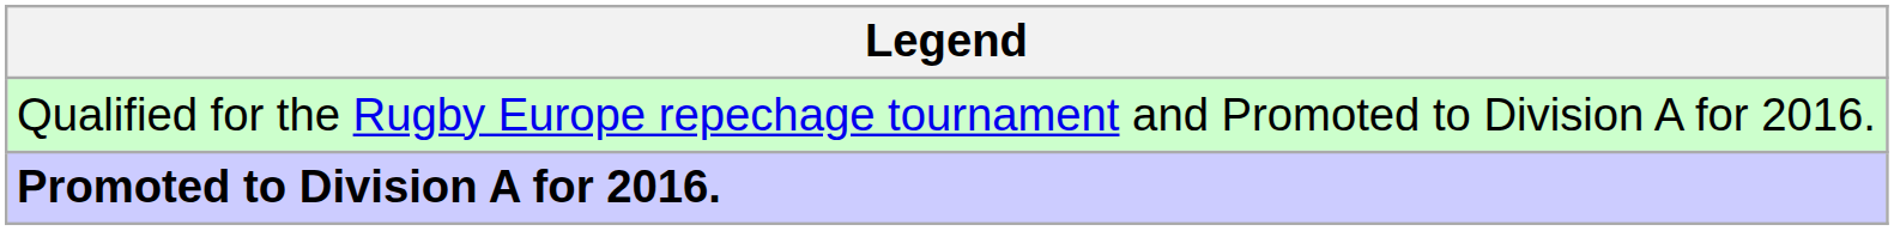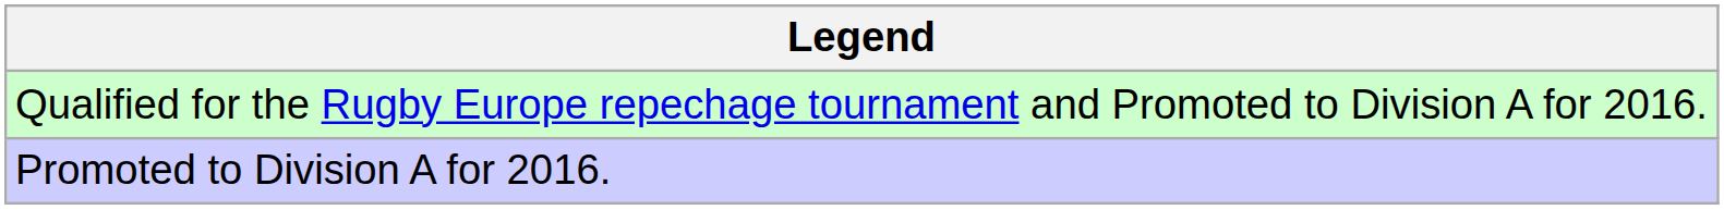 <table class="wikitable">
 <tr>
 <th>Legend</th>
 </tr>
 <tr bgcolor=ccffcc>
 <td>Qualified for the <a href='#'>Rugby Europe repechage tournament</a> and Promoted to Division A for 2016.</td>
 </tr>
 <tr bgcolor=ccccff>
-<td><strong>Promoted to Division A for 2016.</strong></td>
+<td>Promoted to Division A for 2016.</td>
 </tr>
 </table>
